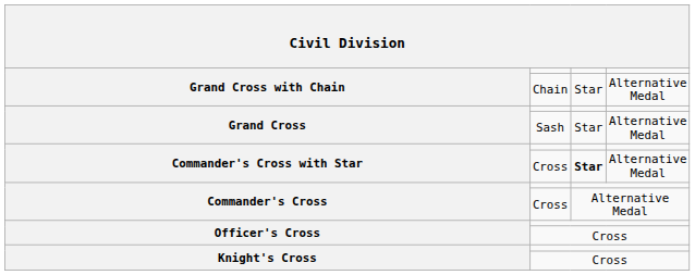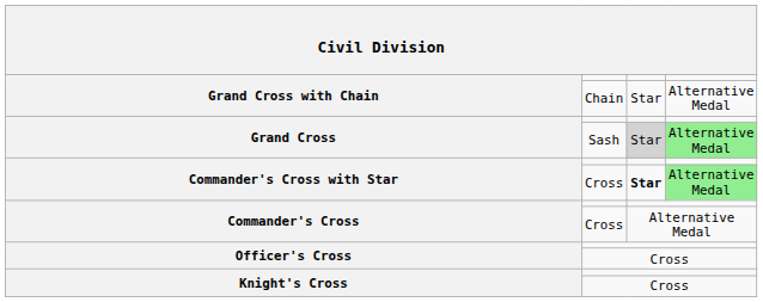 <table class="wikitable" width="60%" align="center">
 <tr>
 <th colspan="4"><br><h3>Civil Division</h3></th>
 </tr>
 <tr>
 <th rowspan="2"><strong>Grand Cross with Chain</strong></th>
 <td align="center" valign="center" width="33,33%"></td>
 <td align="center" valign="center" width="33,33%"></td>
 <td align="center" valign="center" width="33,33%"></td>
 </tr>
 <tr>
 <td align="center" valign="center" width="33,33%">Chain</td>
 <td align="center" valign="center" width="33,33%">Star</td>
 <td align="center" valign="center" width="33,33%">Alternative Medal</td>
 </tr>
 <tr>
 <th rowspan="2"><strong>Grand Cross</strong></th>
 <td align="center" valign="center" width="33,33%"></td>
 <td align="center" valign="center" width="33,33%"></td>
 <td align="center" valign="center" width="33,33%"></td>
 </tr>
 <tr>
 <td align="center" valign="center" width="33,33%">Sash</td>
-<td align="center" valign="center" width="33,33%">Star</td>
-<td align="center" valign="center" width="33,33%">Alternative Medal</td>
+<td align="center" valign="center" width="33,33%" style="background: lightgrey;">Star</td>
+<td align="center" valign="center" width="33,33%" style="background: lightgreen;">Alternative Medal</td>
 </tr>
 <tr>
 <th rowspan="2"><strong>Commander's Cross with Star</strong></th>
 <td align="center" valign="center" width="33,33%"></td>
 <td align="center" valign="center" width="33,33%"></td>
 <td align="center" valign="center" width="33,33%"></td>
 </tr>
 <tr>
 <td align="center" valign="center" width="33,33%">Cross</td>
 <td align="center" valign="center" width="33,33%"><strong>Star</strong></td>
-<td align="center" valign="center" width="33,33%">Alternative Medal</td>
+<td align="center" valign="center" width="33,33%" style="background: lightgreen;">Alternative Medal</td>
 </tr>
 <tr>
 <th rowspan="2"><strong>Commander's Cross</strong></th>
 <td align="center" valign="center" width="33,33%"></td>
 <td colspan="2" align="center" valign="center" width="33,33%"></td>
 </tr>
 <tr>
 <td align="center" valign="center" width="33,33%">Cross</td>
 <td colspan="2" align="center" valign="center" width="33,33%">Alternative Medal</td>
 </tr>
 <tr>
 <th rowspan="2"><strong>Officer's Cross</strong></th>
 <td colspan="3"></td>
 </tr>
 <tr>
 <td colspan="3" align="center" valign="center" width="33,33%">Cross</td>
 </tr>
 <tr>
 <th rowspan="2"><strong>Knight's Cross</strong></th>
 <td colspan="3"></td>
 </tr>
 <tr>
 <td colspan="3" align="center" valign="center" width="33,33%">Cross</td>
 </tr>
 </table>
